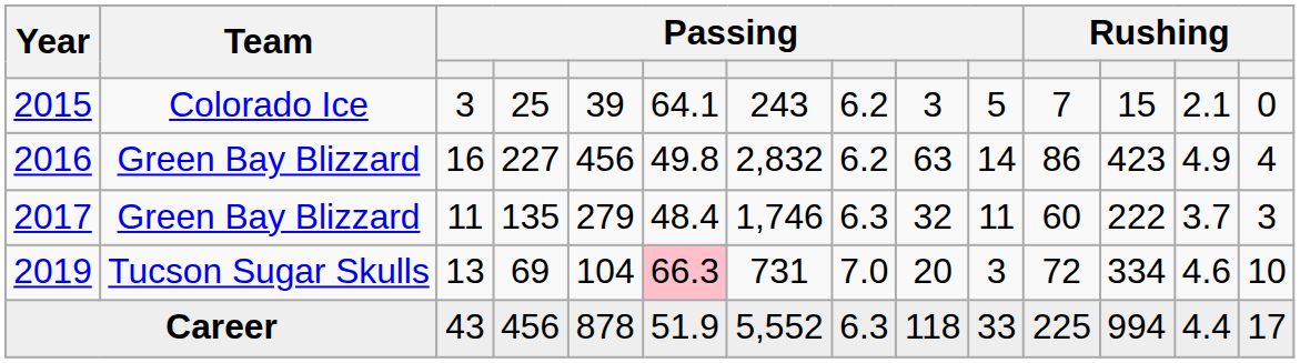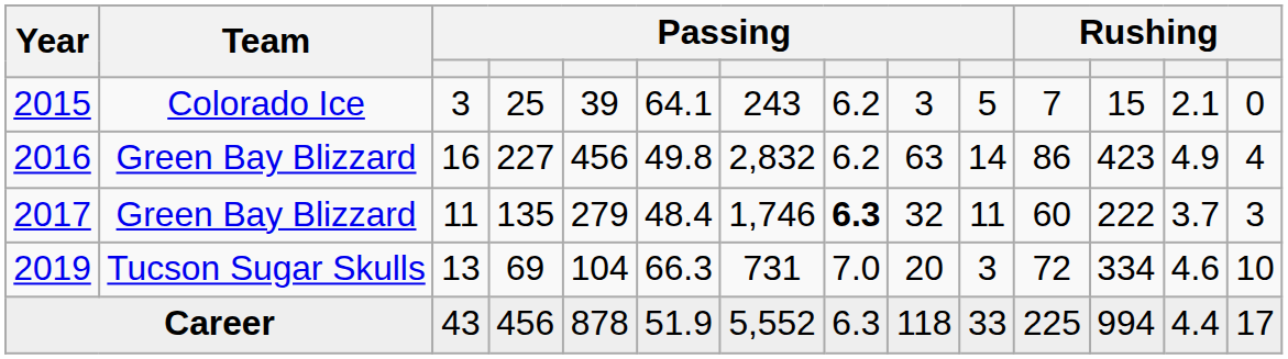 <table class="wikitable sortable" style="text-align:center;">
 <tr>
 <th rowspan=2>Year</th>
 <th rowspan=2>Team</th>
 <th colspan=8>Passing</th>
 <th colspan=4>Rushing</th>
 </tr>
 <tr>
 <th></th>
 <th></th>
 <th></th>
 <th></th>
 <th></th>
 <th></th>
 <th></th>
 <th></th>
 <th></th>
 <th></th>
 <th></th>
 <th></th>
 </tr>
 <tr>
 <td><a href='#'>2015</a></td>
 <td><a href='#'>Colorado Ice</a></td>
 <td>3</td>
 <td>25</td>
 <td>39</td>
 <td>64.1</td>
 <td>243</td>
 <td>6.2</td>
 <td>3</td>
 <td>5</td>
 <td>7</td>
 <td>15</td>
 <td>2.1</td>
 <td>0</td>
 </tr>
 <tr>
 <td><a href='#'>2016</a></td>
 <td><a href='#'>Green Bay Blizzard</a></td>
 <td>16</td>
 <td>227</td>
 <td>456</td>
 <td>49.8</td>
 <td>2,832</td>
 <td>6.2</td>
 <td>63</td>
 <td>14</td>
 <td>86</td>
 <td>423</td>
 <td>4.9</td>
 <td>4</td>
 </tr>
 <tr>
 <td><a href='#'>2017</a></td>
 <td><a href='#'>Green Bay Blizzard</a></td>
 <td>11</td>
 <td>135</td>
 <td>279</td>
 <td>48.4</td>
 <td>1,746</td>
-<td>6.3</td>
+<td><strong>6.3</strong></td>
 <td>32</td>
 <td>11</td>
 <td>60</td>
 <td>222</td>
 <td>3.7</td>
 <td>3</td>
 </tr>
 <tr>
 <td><a href='#'>2019</a></td>
 <td><a href='#'>Tucson Sugar Skulls</a></td>
 <td>13</td>
 <td>69</td>
 <td>104</td>
-<td style="background: pink;">66.3</td>
+<td>66.3</td>
 <td>731</td>
 <td>7.0</td>
 <td>20</td>
 <td>3</td>
 <td>72</td>
 <td>334</td>
 <td>4.6</td>
 <td>10</td>
 </tr>
 <tr class="sortbottom" style="background:#eee;">
 <td colspan=2><strong>Career</strong></td>
 <td>43</td>
 <td>456</td>
 <td>878</td>
 <td>51.9</td>
 <td>5,552</td>
 <td>6.3</td>
 <td>118</td>
 <td>33</td>
 <td>225</td>
 <td>994</td>
 <td>4.4</td>
 <td>17</td>
 </tr>
 </table>
